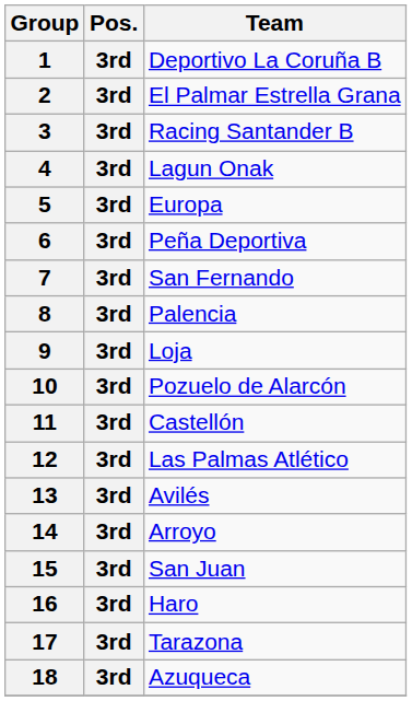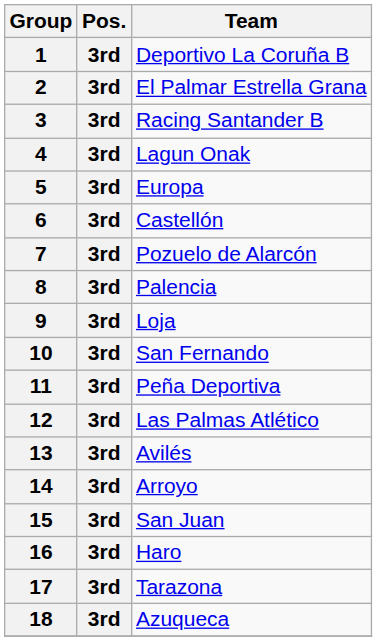 <table class="wikitable">
 <tr>
 <th>Group</th>
 <th>Pos.</th>
 <th>Team</th>
 </tr>
 <tr>
 <th>1</th>
 <th>3rd</th>
 <td><a href='#'>Deportivo La Coruña B</a></td>
 </tr>
 <tr>
 <th>2</th>
 <th>3rd</th>
 <td><a href='#'>El Palmar Estrella Grana</a></td>
 </tr>
 <tr>
 <th>3</th>
 <th>3rd</th>
 <td><a href='#'>Racing Santander B</a></td>
 </tr>
 <tr>
 <th>4</th>
 <th>3rd</th>
 <td><a href='#'>Lagun Onak</a></td>
 </tr>
 <tr>
 <th>5</th>
 <th>3rd</th>
 <td><a href='#'>Europa</a></td>
 </tr>
 <tr>
 <th>6</th>
 <th>3rd</th>
-<td><a href='#'>Peña Deportiva</a></td>
+<td><a href='#'>Castellón</a></td>
 </tr>
 <tr>
 <th>7</th>
 <th>3rd</th>
-<td><a href='#'>San Fernando</a></td>
+<td><a href='#'>Pozuelo de Alarcón</a></td>
 </tr>
 <tr>
 <th>8</th>
 <th>3rd</th>
 <td><a href='#'>Palencia</a></td>
 </tr>
 <tr>
 <th>9</th>
 <th>3rd</th>
 <td><a href='#'>Loja</a></td>
 </tr>
 <tr>
 <th>10</th>
 <th>3rd</th>
-<td><a href='#'>Pozuelo de Alarcón</a></td>
+<td><a href='#'>San Fernando</a></td>
 </tr>
 <tr>
 <th>11</th>
 <th>3rd</th>
-<td><a href='#'>Castellón</a></td>
+<td><a href='#'>Peña Deportiva</a></td>
 </tr>
 <tr>
 <th>12</th>
 <th>3rd</th>
 <td><a href='#'>Las Palmas Atlético</a></td>
 </tr>
 <tr>
 <th>13</th>
 <th>3rd</th>
 <td><a href='#'>Avilés</a></td>
 </tr>
 <tr>
 <th>14</th>
 <th>3rd</th>
 <td><a href='#'>Arroyo</a></td>
 </tr>
 <tr>
 <th>15</th>
 <th>3rd</th>
 <td><a href='#'>San Juan</a></td>
 </tr>
 <tr>
 <th>16</th>
 <th>3rd</th>
 <td><a href='#'>Haro</a></td>
 </tr>
 <tr>
 <th>17</th>
 <th>3rd</th>
 <td><a href='#'>Tarazona</a></td>
 </tr>
 <tr>
 <th>18</th>
 <th>3rd</th>
 <td><a href='#'>Azuqueca</a></td>
 </tr>
 <tr>
 </tr>
 </table>
